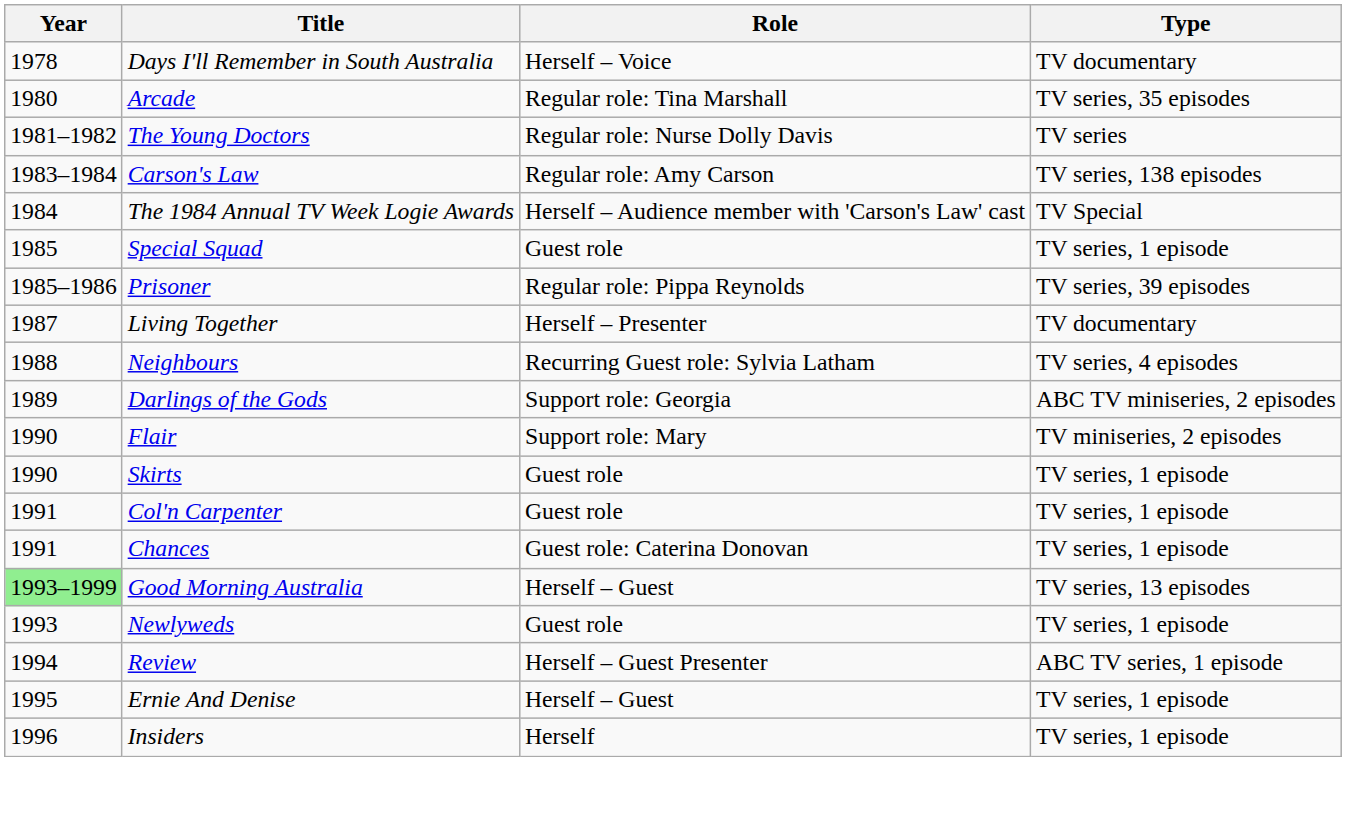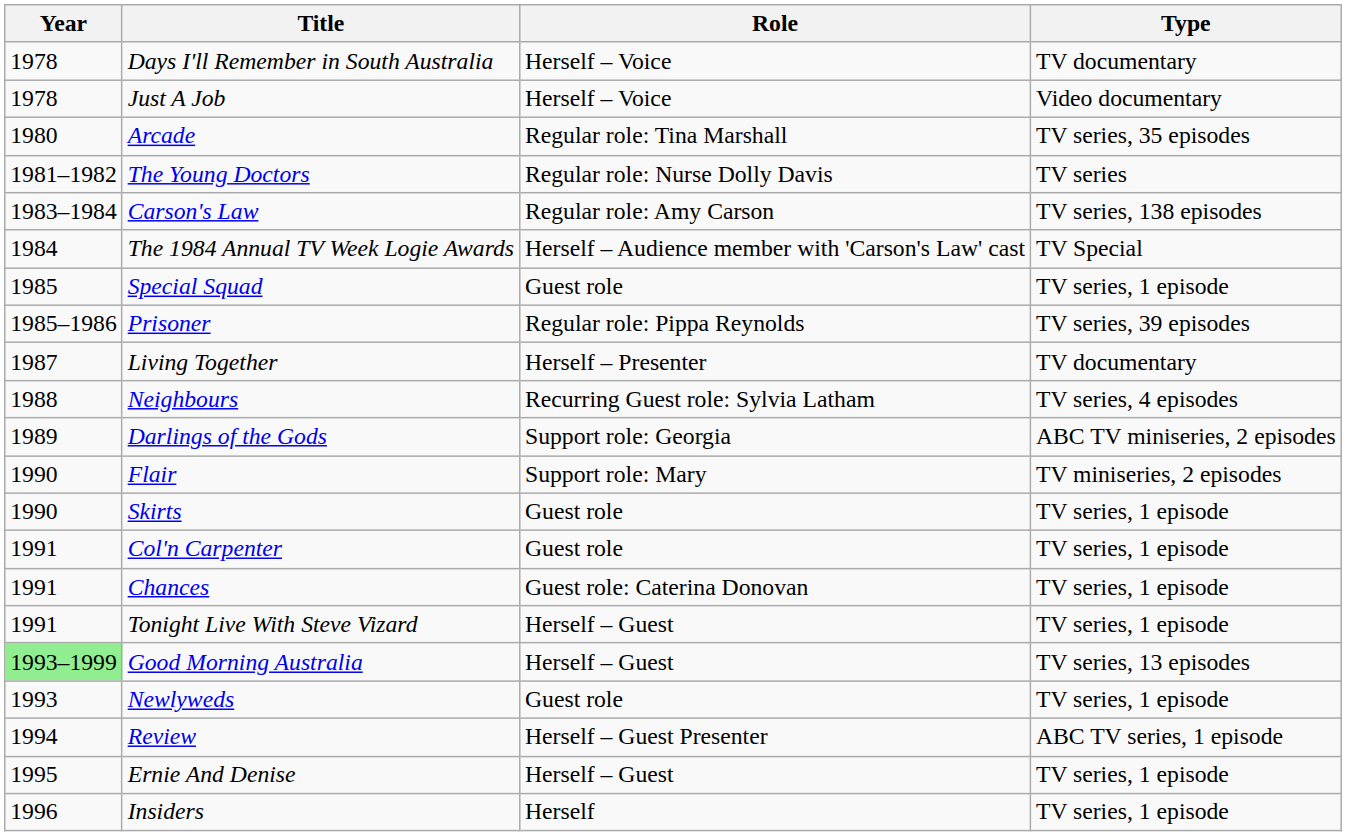 <table class="wikitable">
 <tr>
 <th>Year</th>
 <th>Title</th>
 <th>Role</th>
 <th>Type</th>
 </tr>
 <tr>
 <td>1978</td>
 <td><em>Days I'll Remember in South Australia</em></td>
 <td>Herself – Voice</td>
 <td>TV documentary</td>
+</tr>
+<tr>
+<td>1978</td>
+<td><em>Just A Job</em></td>
+<td>Herself – Voice</td>
+<td>Video documentary</td>
 </tr>
 <tr>
 <td>1980</td>
 <td><em><a href='#'>Arcade</a></em></td>
 <td>Regular role: Tina Marshall</td>
 <td>TV series, 35 episodes</td>
 </tr>
 <tr>
 <td>1981–1982</td>
 <td><em><a href='#'>The Young Doctors</a></em></td>
 <td>Regular role: Nurse Dolly Davis</td>
 <td>TV series</td>
 </tr>
 <tr>
 <td>1983–1984</td>
 <td><em><a href='#'>Carson's Law</a></em></td>
 <td>Regular role: Amy Carson</td>
 <td>TV series, 138 episodes</td>
 </tr>
 <tr>
 <td>1984</td>
 <td><em>The 1984 Annual TV Week Logie Awards</em></td>
 <td>Herself – Audience member with 'Carson's Law' cast</td>
 <td>TV Special</td>
 </tr>
 <tr>
 <td>1985</td>
 <td><em><a href='#'>Special Squad</a></em></td>
 <td>Guest role</td>
 <td>TV series, 1 episode</td>
 </tr>
 <tr>
 <td>1985–1986</td>
 <td><em><a href='#'>Prisoner</a></em></td>
 <td>Regular role: Pippa Reynolds</td>
 <td>TV series, 39 episodes</td>
 </tr>
 <tr>
 <td>1987</td>
 <td><em>Living Together</em></td>
 <td>Herself – Presenter</td>
 <td>TV documentary</td>
 </tr>
 <tr>
 <td>1988</td>
 <td><em><a href='#'>Neighbours</a></em></td>
 <td>Recurring Guest role: Sylvia Latham</td>
 <td>TV series, 4 episodes</td>
 </tr>
 <tr>
 <td>1989</td>
 <td><em><a href='#'>Darlings of the Gods</a></em></td>
 <td>Support role: Georgia</td>
 <td>ABC TV miniseries, 2 episodes</td>
 </tr>
 <tr>
 <td>1990</td>
 <td><em><a href='#'>Flair</a></em></td>
 <td>Support role: Mary</td>
 <td>TV miniseries, 2 episodes</td>
 </tr>
 <tr>
 <td>1990</td>
 <td><em><a href='#'>Skirts</a></em></td>
 <td>Guest role</td>
 <td>TV series, 1 episode</td>
 </tr>
 <tr>
 <td>1991</td>
 <td><em><a href='#'>Col'n Carpenter</a></em></td>
 <td>Guest role</td>
 <td>TV series, 1 episode</td>
 </tr>
 <tr>
 <td>1991</td>
 <td><em><a href='#'>Chances</a></em></td>
 <td>Guest role: Caterina Donovan</td>
 <td>TV series, 1 episode</td>
 </tr>
 <tr>
+<td>1991</td>
+<td><em>Tonight Live With Steve Vizard</em></td>
+<td>Herself – Guest</td>
+<td>TV series, 1 episode</td>
+</tr>
+<tr>
 <td style="background: lightgreen;">1993–1999</td>
 <td><em><a href='#'>Good Morning Australia</a></em></td>
 <td>Herself – Guest</td>
 <td>TV series, 13 episodes</td>
 </tr>
 <tr>
 <td>1993</td>
 <td><em><a href='#'>Newlyweds</a></em></td>
 <td>Guest role</td>
 <td>TV series, 1 episode</td>
 </tr>
 <tr>
 <td>1994</td>
 <td><em><a href='#'>Review</a></em></td>
 <td>Herself – Guest Presenter</td>
 <td>ABC TV series, 1 episode</td>
 </tr>
 <tr>
 <td>1995</td>
 <td><em>Ernie And Denise</em></td>
 <td>Herself – Guest</td>
 <td>TV series, 1 episode</td>
 </tr>
 <tr>
 <td>1996</td>
 <td><em>Insiders</em></td>
 <td>Herself</td>
 <td>TV series, 1 episode</td>
 </tr>
 </table>
